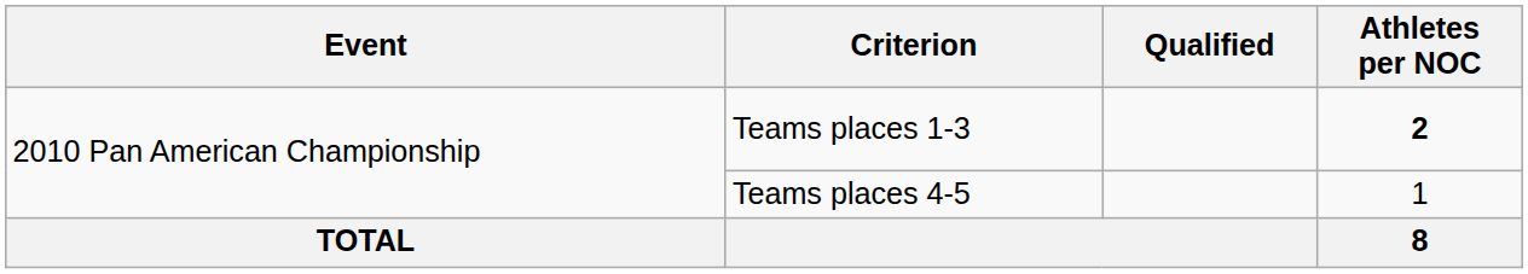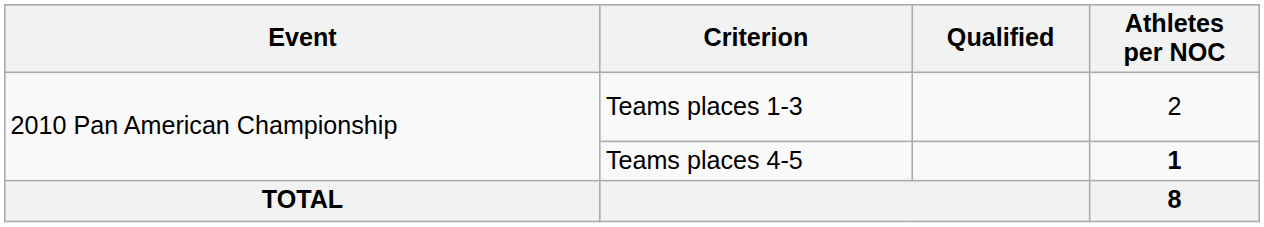 <table class="wikitable" width=800>
 <tr>
 <th>Event</th>
 <th>Criterion</th>
 <th>Qualified</th>
 <th>Athletes<br> per NOC</th>
 </tr>
 <tr>
 <td rowspan="2">2010 Pan American Championship </td>
 <td>Teams places 1-3</td>
 <td> <br>  <br> </td>
-<td align="center"><strong>2</strong></td>
+<td align="center">2</td>
 </tr>
 <tr>
 <td>Teams places 4-5</td>
 <td> <br> </td>
-<td align="center">1</td>
+<td align="center"><strong>1</strong></td>
 </tr>
 <tr>
 <th>TOTAL</th>
 <th colspan="2"></th>
 <th>8</th>
 </tr>
 </table>
